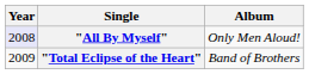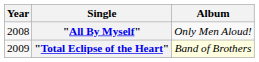 <table class="wikitable plainrowheaders" style="text-align:center;">
 <tr>
 <th scope="col">Year</th>
 <th scope="col">Single</th>
 <th scope="col">Album</th>
 </tr>
 <tr>
-<td style="background: lavender;">2008</td>
+<td>2008</td>
 <th scope="row">"<a href='#'>All By Myself</a>"</th>
 <td><em>Only Men Aloud!</em></td>
 </tr>
 <tr>
 <td>2009</td>
 <th scope="row">"<a href='#'>Total Eclipse of the Heart</a>"</th>
-<td><em>Band of Brothers</em></td>
+<td style="background: lightyellow;"><em>Band of Brothers</em></td>
 </tr>
 </table>
